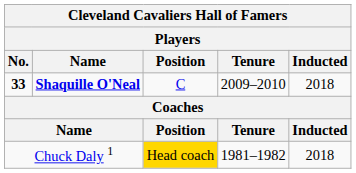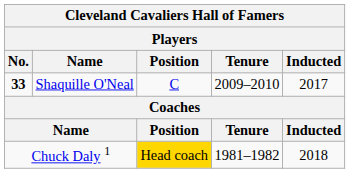 <table class="wikitable" style="text-align:center">
 <tr>
 <th colspan="5">Cleveland Cavaliers Hall of Famers</th>
 </tr>
 <tr>
 <th colspan="5" style="text-align:center; ">Players</th>
 </tr>
 <tr>
 <th>No.</th>
 <th>Name</th>
 <th>Position</th>
 <th>Tenure</th>
 <th>Inducted</th>
 </tr>
 <tr>
 <td><strong>33</strong></td>
-<td><strong><a href='#'>Shaquille O'Neal</a></strong></td>
+<td><a href='#'>Shaquille O'Neal</a></td>
 <td><a href='#'>C</a></td>
 <td>2009–2010</td>
-<td>2018</td>
+<td>2017</td>
 </tr>
 <tr>
 <th colspan="5" style="text-align:center; ">Coaches</th>
 </tr>
 <tr>
 <th colspan="2">Name</th>
 <th>Position</th>
 <th>Tenure</th>
 <th>Inducted</th>
 </tr>
 <tr>
 <td colspan="2"><a href='#'>Chuck Daly</a> <sup>1</sup></td>
 <td style="background: gold;">Head coach</td>
 <td>1981–1982</td>
 <td>2018</td>
 </tr>
 </table>
